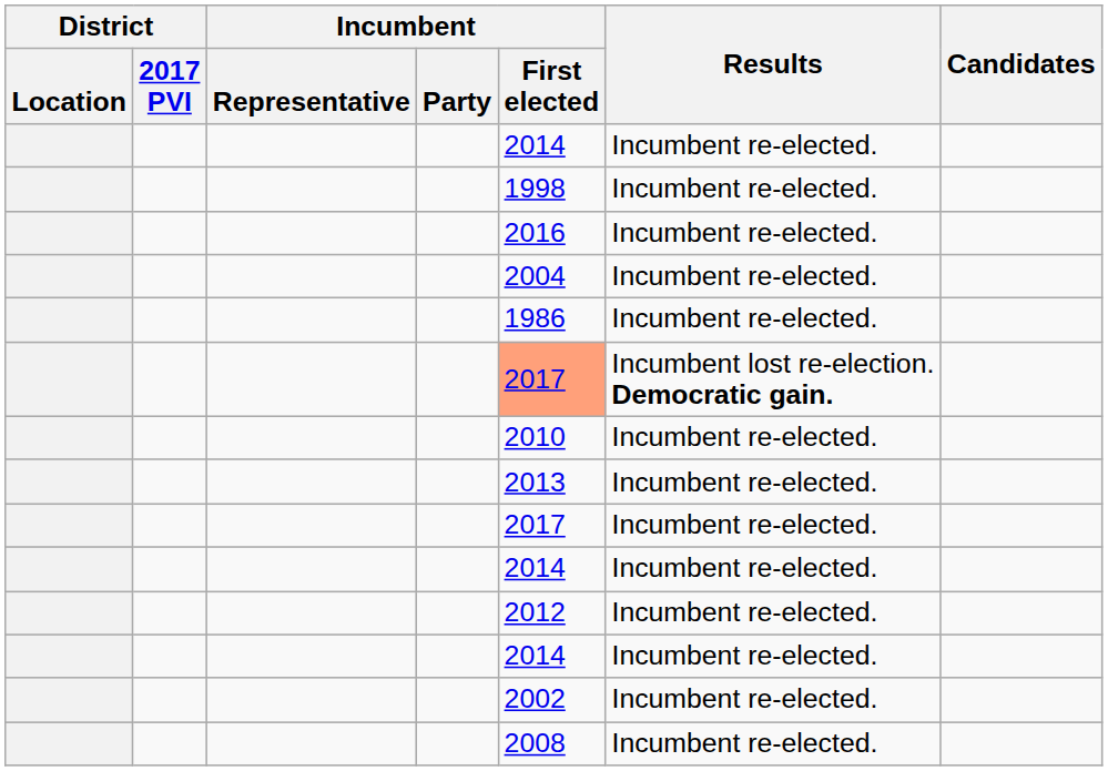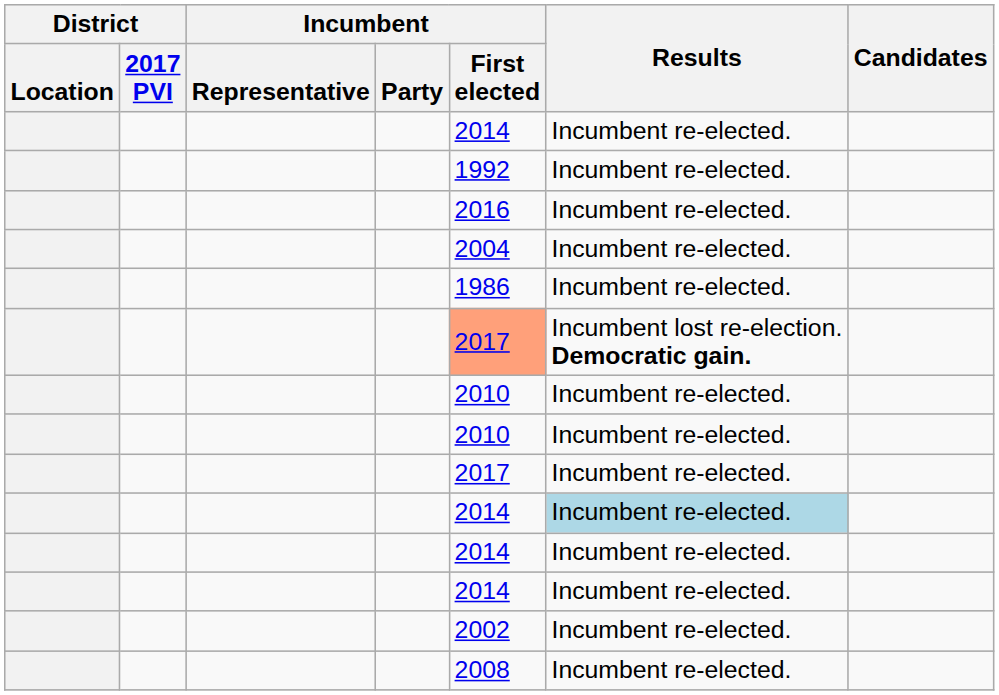 <table class="wikitable sortable">
 <tr>
 <th colspan=2>District</th>
 <th colspan=3>Incumbent</th>
 <th rowspan=2>Results</th>
 <th rowspan=2>Candidates</th>
 </tr>
 <tr valign=bottom>
 <th>Location</th>
 <th><a href='#'>2017<br>PVI</a></th>
 <th>Representative</th>
 <th>Party</th>
 <th>First<br>elected</th>
 </tr>
 <tr>
 <th></th>
 <td></td>
 <td></td>
 <td></td>
 <td><a href='#'>2014</a></td>
 <td>Incumbent re-elected.</td>
 <td nowrap></td>
 </tr>
 <tr>
 <th></th>
 <td></td>
 <td></td>
 <td></td>
-<td><a href='#'>1998</a></td>
+<td><a href='#'>1992</a></td>
 <td>Incumbent re-elected.</td>
 <td nowrap></td>
 </tr>
 <tr>
 <th></th>
 <td></td>
 <td></td>
 <td></td>
 <td><a href='#'>2016</a></td>
 <td>Incumbent re-elected.</td>
 <td nowrap></td>
 </tr>
 <tr>
 <th></th>
 <td></td>
 <td></td>
 <td></td>
 <td><a href='#'>2004</a></td>
 <td>Incumbent re-elected.</td>
 <td nowrap></td>
 </tr>
 <tr>
 <th></th>
 <td></td>
 <td></td>
 <td></td>
 <td><a href='#'>1986</a></td>
 <td>Incumbent re-elected.</td>
 <td nowrap></td>
 </tr>
 <tr>
 <th></th>
 <td></td>
 <td></td>
 <td></td>
 <td style="background: lightsalmon;"><a href='#'>2017 </a></td>
 <td>Incumbent lost re-election.<br><strong>Democratic gain.</strong></td>
 <td nowrap></td>
 </tr>
 <tr>
 <th></th>
 <td></td>
 <td></td>
 <td></td>
 <td><a href='#'>2010</a></td>
 <td>Incumbent re-elected.</td>
 <td nowrap></td>
 </tr>
 <tr>
 <th></th>
 <td></td>
 <td></td>
 <td></td>
-<td><a href='#'>2013</a></td>
+<td><a href='#'>2010</a></td>
 <td>Incumbent re-elected.</td>
 <td nowrap></td>
 </tr>
 <tr>
 <th></th>
 <td></td>
 <td></td>
 <td></td>
 <td><a href='#'>2017</a></td>
 <td>Incumbent re-elected.</td>
 <td nowrap></td>
 </tr>
 <tr>
 <th></th>
 <td></td>
 <td></td>
 <td></td>
 <td><a href='#'>2014</a></td>
-<td>Incumbent re-elected.</td>
+<td style="background: lightblue;">Incumbent re-elected.</td>
 <td nowrap></td>
 </tr>
 <tr>
 <th></th>
 <td></td>
 <td></td>
 <td></td>
-<td><a href='#'>2012</a></td>
+<td><a href='#'>2014</a></td>
 <td>Incumbent re-elected.</td>
 <td nowrap></td>
 </tr>
 <tr>
 <th></th>
 <td></td>
 <td></td>
 <td></td>
 <td><a href='#'>2014</a></td>
 <td>Incumbent re-elected.</td>
 <td nowrap></td>
 </tr>
 <tr>
 <th></th>
 <td></td>
 <td></td>
 <td></td>
 <td><a href='#'>2002</a></td>
 <td>Incumbent re-elected.</td>
 <td nowrap></td>
 </tr>
 <tr>
 <th></th>
 <td></td>
 <td></td>
 <td></td>
 <td><a href='#'>2008 </a></td>
 <td>Incumbent re-elected.</td>
 <td nowrap></td>
 </tr>
 </table>
